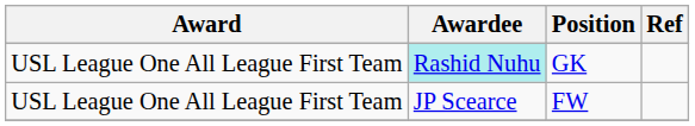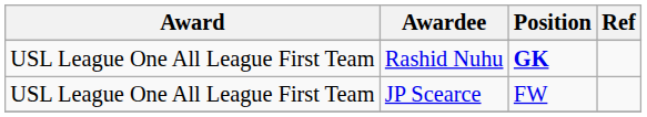 <table class="wikitable">
 <tr style="background:#cccccc;">
 <th>Award</th>
 <th>Awardee</th>
 <th>Position</th>
 <th>Ref</th>
 </tr>
 <tr>
 </tr>
 <tr>
 <td>USL League One All League First Team</td>
-<td style="background: paleturquoise;"><a href='#'>Rashid Nuhu</a></td>
-<td><a href='#'>GK</a></td>
+<td><a href='#'>Rashid Nuhu</a></td>
+<td><strong><a href='#'>GK</a></strong></td>
 <td style="text-align: center;"></td>
 </tr>
 <tr>
 <td>USL League One All League First Team</td>
 <td><a href='#'>JP Scearce</a></td>
 <td><a href='#'>FW</a></td>
 <td style="text-align: center;"></td>
 </tr>
 <tr>
 </tr>
 </table>
